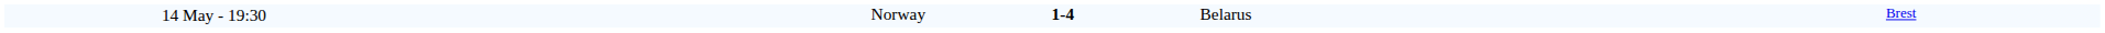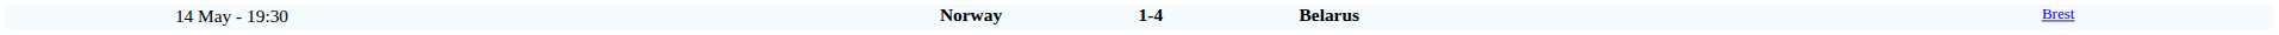 <table style="width: 100%; background:#F5FAFF;" cellspacing="0">
 <tr>
 <td align=center rowspan=3 width=20%>14 May - 19:30</td>
 </tr>
 <tr>
-<td width=24% align=right>Norway</td>
+<td width=24% align=right><strong>Norway</strong></td>
 <td align=center width=13%><strong>1-4</strong></td>
-<td width=24%>Belarus</td>
+<td width=24%><strong>Belarus</strong></td>
 <td style=font-size:85% rowspan=3 valign=top align=center><a href='#'>Brest</a></td>
 </tr>
 <tr style=font-size:85%>
 <td align=right valign=top></td>
 <td></td>
 <td></td>
 </tr>
 </table>
